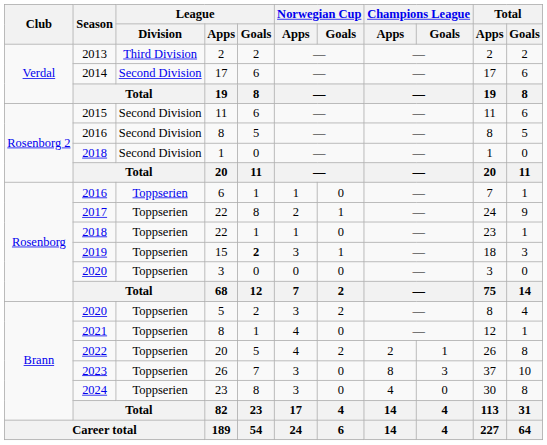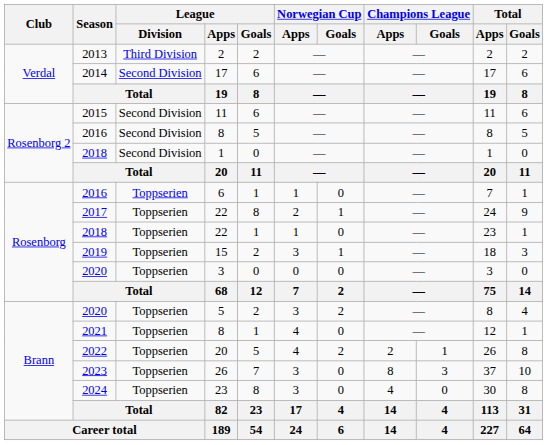 <table class="wikitable" style="text-align: center;">
 <tr>
 <th rowspan="2">Club</th>
 <th rowspan="2">Season</th>
 <th colspan="3">League</th>
 <th colspan="2"><a href='#'>Norwegian Cup</a></th>
 <th colspan="2"><a href='#'>Champions League</a></th>
 <th colspan="2">Total</th>
 </tr>
 <tr>
 <th>Division</th>
 <th>Apps</th>
 <th>Goals</th>
 <th>Apps</th>
 <th>Goals</th>
 <th>Apps</th>
 <th>Goals</th>
 <th>Apps</th>
 <th>Goals</th>
 </tr>
 <tr>
 <td rowspan="3"><a href='#'>Verdal</a></td>
 <td>2013</td>
 <td><a href='#'>Third Division</a></td>
 <td>2</td>
 <td>2</td>
 <td colspan=2>—</td>
 <td colspan=2>—</td>
 <td>2</td>
 <td>2</td>
 </tr>
 <tr>
 <td>2014</td>
 <td><a href='#'>Second Division</a></td>
 <td>17</td>
 <td>6</td>
 <td colspan=2>—</td>
 <td colspan=2>—</td>
 <td>17</td>
 <td>6</td>
 </tr>
 <tr>
 <th colspan="2">Total</th>
 <th>19</th>
 <th>8</th>
 <th colspan=2>—</th>
 <th colspan=2>—</th>
 <th>19</th>
 <th>8</th>
 </tr>
 <tr>
 <td rowspan="4"><a href='#'>Rosenborg 2</a></td>
 <td>2015</td>
 <td>Second Division</td>
 <td>11</td>
 <td>6</td>
 <td colspan=2>—</td>
 <td colspan=2>—</td>
 <td>11</td>
 <td>6</td>
 </tr>
 <tr>
 <td>2016</td>
 <td>Second Division</td>
 <td>8</td>
 <td>5</td>
 <td colspan=2>—</td>
 <td colspan=2>—</td>
 <td>8</td>
 <td>5</td>
 </tr>
 <tr>
 <td><a href='#'>2018</a></td>
 <td>Second Division</td>
 <td>1</td>
 <td>0</td>
 <td colspan=2>—</td>
 <td colspan=2>—</td>
 <td>1</td>
 <td>0</td>
 </tr>
 <tr>
 <th colspan="2">Total</th>
 <th>20</th>
 <th>11</th>
 <th colspan=2>—</th>
 <th colspan=2>—</th>
 <th>20</th>
 <th>11</th>
 </tr>
 <tr>
 <td rowspan="6"><a href='#'>Rosenborg</a></td>
 <td><a href='#'>2016</a></td>
 <td><a href='#'>Toppserien</a></td>
 <td>6</td>
 <td>1</td>
 <td>1</td>
 <td>0</td>
 <td colspan=2>—</td>
 <td>7</td>
 <td>1</td>
 </tr>
 <tr>
 <td><a href='#'>2017</a></td>
 <td>Toppserien</td>
 <td>22</td>
 <td>8</td>
 <td>2</td>
 <td>1</td>
 <td colspan=2>—</td>
 <td>24</td>
 <td>9</td>
 </tr>
 <tr>
 <td><a href='#'>2018</a></td>
 <td>Toppserien</td>
 <td>22</td>
 <td>1</td>
 <td>1</td>
 <td>0</td>
 <td colspan=2>—</td>
 <td>23</td>
 <td>1</td>
 </tr>
 <tr>
 <td><a href='#'>2019</a></td>
 <td>Toppserien</td>
 <td>15</td>
-<td><strong>2</strong></td>
+<td>2</td>
 <td>3</td>
 <td>1</td>
 <td colspan=2>—</td>
 <td>18</td>
 <td>3</td>
 </tr>
 <tr>
 <td><a href='#'>2020</a></td>
 <td>Toppserien</td>
 <td>3</td>
 <td>0</td>
 <td>0</td>
 <td>0</td>
 <td colspan=2>—</td>
 <td>3</td>
 <td>0</td>
 </tr>
 <tr>
 <th colspan="2">Total</th>
 <th>68</th>
 <th>12</th>
 <th>7</th>
 <th>2</th>
 <th colspan=2>—</th>
 <th>75</th>
 <th>14</th>
 </tr>
 <tr>
 <td rowspan="6"><a href='#'>Brann</a></td>
 <td><a href='#'>2020</a></td>
 <td>Toppserien</td>
 <td>5</td>
 <td>2</td>
 <td>3</td>
 <td>2</td>
 <td colspan=2>—</td>
 <td>8</td>
 <td>4</td>
 </tr>
 <tr>
 <td><a href='#'>2021</a></td>
 <td>Toppserien</td>
 <td>8</td>
 <td>1</td>
 <td>4</td>
 <td>0</td>
 <td colspan=2>—</td>
 <td>12</td>
 <td>1</td>
 </tr>
 <tr>
 <td><a href='#'>2022</a></td>
 <td>Toppserien</td>
 <td>20</td>
 <td>5</td>
 <td>4</td>
 <td>2</td>
 <td>2</td>
 <td>1</td>
 <td>26</td>
 <td>8</td>
 </tr>
 <tr>
 <td><a href='#'>2023</a></td>
 <td>Toppserien</td>
 <td>26</td>
 <td>7</td>
 <td>3</td>
 <td>0</td>
 <td>8</td>
 <td>3</td>
 <td>37</td>
 <td>10</td>
 </tr>
 <tr>
 <td><a href='#'>2024</a></td>
 <td>Toppserien</td>
 <td>23</td>
 <td>8</td>
 <td>3</td>
 <td>0</td>
 <td>4</td>
 <td>0</td>
 <td>30</td>
 <td>8</td>
 </tr>
 <tr>
 <th colspan="2">Total</th>
 <th>82</th>
 <th>23</th>
 <th>17</th>
 <th>4</th>
 <th>14</th>
 <th>4</th>
 <th>113</th>
 <th>31</th>
 </tr>
 <tr>
 <th colspan="3">Career total</th>
 <th>189</th>
 <th>54</th>
 <th>24</th>
 <th>6</th>
 <th>14</th>
 <th>4</th>
 <th>227</th>
 <th>64</th>
 </tr>
 </table>
